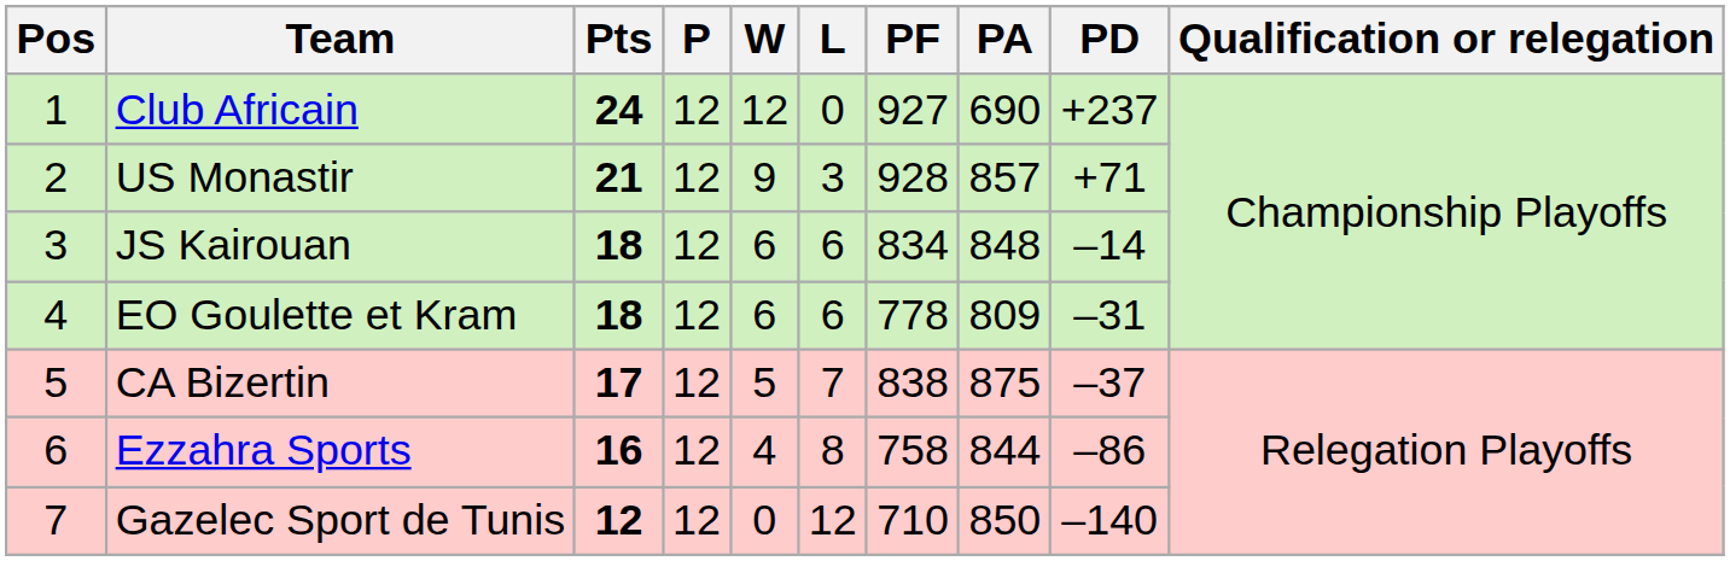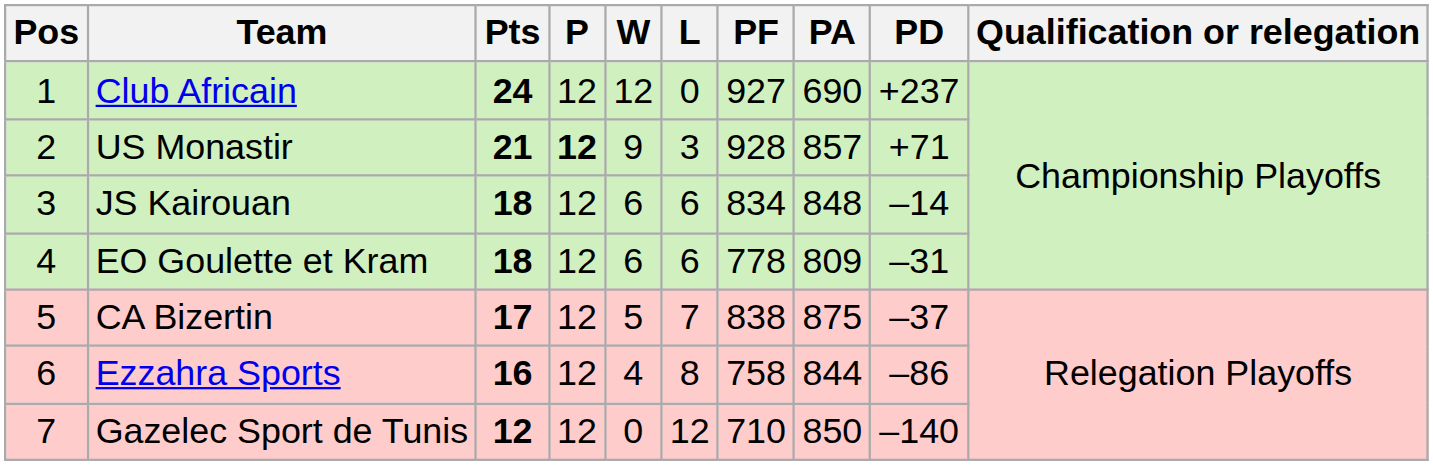 <table class="wikitable sortable"  style="text-align: center;">
 <tr>
 <th>Pos</th>
 <th>Team</th>
 <th>Pts</th>
 <th>P</th>
 <th>W</th>
 <th>L</th>
 <th>PF</th>
 <th>PA</th>
 <th>PD</th>
 <th>Qualification or relegation</th>
 </tr>
 <tr style="background: #D0F0C0;">
 <td>1</td>
 <td style="text-align:left"><a href='#'>Club Africain</a></td>
 <td><strong>24</strong></td>
 <td>12</td>
 <td>12</td>
 <td>0</td>
 <td>927</td>
 <td>690</td>
 <td>+237</td>
 <td rowspan=4>Championship Playoffs</td>
 </tr>
 <tr style="background: #D0F0C0;">
 <td>2</td>
 <td style="text-align:left">US Monastir</td>
 <td><strong>21</strong></td>
-<td>12</td>
+<td><strong>12</strong></td>
 <td>9</td>
 <td>3</td>
 <td>928</td>
 <td>857</td>
 <td>+71</td>
 </tr>
 <tr style="background: #D0F0C0;">
 <td>3</td>
 <td style="text-align:left">JS Kairouan</td>
 <td><strong>18</strong></td>
 <td>12</td>
 <td>6</td>
 <td>6</td>
 <td>834</td>
 <td>848</td>
 <td>–14</td>
 </tr>
 <tr style="background: #D0F0C0;">
 <td>4</td>
 <td style="text-align:left">EO Goulette et Kram</td>
 <td><strong>18</strong></td>
 <td>12</td>
 <td>6</td>
 <td>6</td>
 <td>778</td>
 <td>809</td>
 <td>–31</td>
 </tr>
 <tr style="background:#FFCCCC">
 <td>5</td>
 <td style="text-align:left">CA Bizertin</td>
 <td><strong>17</strong></td>
 <td>12</td>
 <td>5</td>
 <td>7</td>
 <td>838</td>
 <td>875</td>
 <td>–37</td>
 <td rowspan=3>Relegation Playoffs</td>
 </tr>
 <tr style="background:#FFCCCC">
 <td>6</td>
 <td style="text-align:left"><a href='#'>Ezzahra Sports</a></td>
 <td><strong>16</strong></td>
 <td>12</td>
 <td>4</td>
 <td>8</td>
 <td>758</td>
 <td>844</td>
 <td>–86</td>
 </tr>
 <tr style="background:#FFCCCC">
 <td>7</td>
 <td style="text-align:left">Gazelec Sport de Tunis</td>
 <td><strong>12</strong></td>
 <td>12</td>
 <td>0</td>
 <td>12</td>
 <td>710</td>
 <td>850</td>
 <td>–140</td>
 </tr>
 </table>
